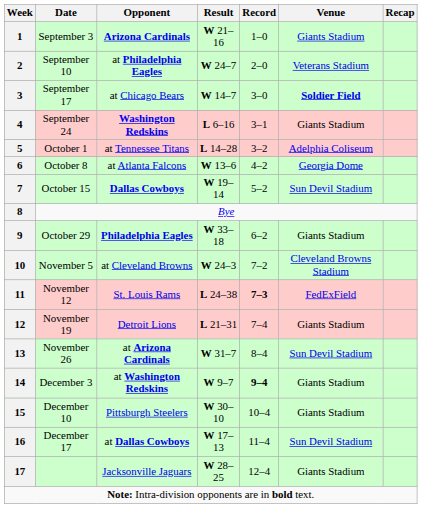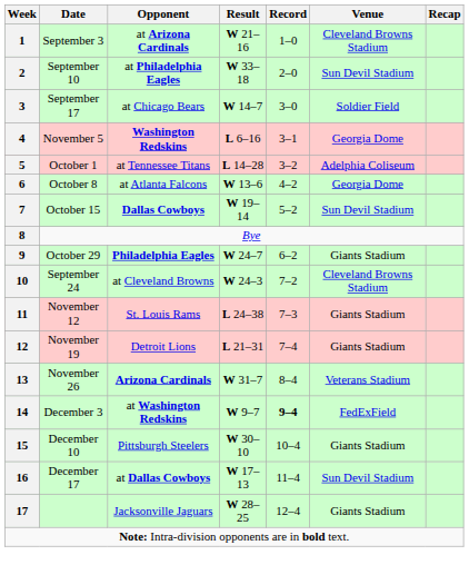 <table class="wikitable" style="text-align:center">
 <tr>
 <th>Week</th>
 <th>Date</th>
 <th>Opponent</th>
 <th>Result</th>
 <th>Record</th>
 <th>Venue</th>
 <th>Recap</th>
 </tr>
 <tr style="background:#cfc">
 <th>1</th>
 <td>September 3</td>
-<td><strong><a href='#'>Arizona Cardinals</a></strong></td>
+<td>at <strong><a href='#'>Arizona Cardinals</a></strong></td>
 <td><strong>W</strong> 21–16</td>
 <td>1–0</td>
-<td><a href='#'>Giants Stadium</a></td>
+<td><a href='#'>Cleveland Browns Stadium</a></td>
 <td></td>
 </tr>
 <tr style="background:#cfc">
 <th>2</th>
 <td>September 10</td>
 <td>at <strong><a href='#'>Philadelphia Eagles</a></strong></td>
-<td><strong>W</strong> 24–7</td>
+<td><strong>W</strong> 33–18</td>
 <td>2–0</td>
-<td><a href='#'>Veterans Stadium</a></td>
+<td><a href='#'>Sun Devil Stadium</a></td>
 <td></td>
 </tr>
 <tr style="background:#cfc">
 <th>3</th>
 <td>September 17</td>
 <td>at <a href='#'>Chicago Bears</a></td>
 <td><strong>W</strong> 14–7</td>
 <td>3–0</td>
-<td><strong><a href='#'>Soldier Field</a></strong></td>
+<td><a href='#'>Soldier Field</a></td>
 <td></td>
 </tr>
 <tr style="background:#fcc">
 <th>4</th>
-<td>September 24</td>
+<td>November 5</td>
 <td><strong><a href='#'>Washington Redskins</a></strong></td>
 <td><strong>L</strong> 6–16</td>
 <td>3–1</td>
-<td>Giants Stadium</td>
+<td><a href='#'>Georgia Dome</a></td>
 <td></td>
 </tr>
 <tr style="background:#fcc">
 <th>5</th>
 <td>October 1</td>
 <td>at <a href='#'>Tennessee Titans</a></td>
 <td><strong>L</strong> 14–28</td>
 <td>3–2</td>
 <td><a href='#'>Adelphia Coliseum</a></td>
 <td></td>
 </tr>
 <tr style="background:#cfc">
 <th>6</th>
 <td>October 8</td>
 <td>at <a href='#'>Atlanta Falcons</a></td>
 <td><strong>W</strong> 13–6</td>
 <td>4–2</td>
 <td><a href='#'>Georgia Dome</a></td>
 <td></td>
 </tr>
 <tr style="background:#cfc">
 <th>7</th>
 <td>October 15</td>
 <td><strong><a href='#'>Dallas Cowboys</a></strong></td>
 <td><strong>W</strong> 19–14</td>
 <td>5–2</td>
 <td><a href='#'>Sun Devil Stadium</a></td>
 <td></td>
 </tr>
 <tr>
 <th>8</th>
 <td colspan=6 align="center"><em><a href='#'>Bye</a></em></td>
 </tr>
 <tr style="background:#cfc">
 <th>9</th>
 <td>October 29</td>
 <td><strong><a href='#'>Philadelphia Eagles</a></strong></td>
-<td><strong>W</strong> 33–18</td>
+<td><strong>W</strong> 24–7</td>
 <td>6–2</td>
 <td>Giants Stadium</td>
 <td></td>
 </tr>
 <tr style="background:#cfc">
 <th>10</th>
-<td>November 5</td>
+<td>September 24</td>
 <td>at <a href='#'>Cleveland Browns</a></td>
 <td><strong>W</strong> 24–3</td>
 <td>7–2</td>
 <td><a href='#'>Cleveland Browns Stadium</a></td>
 <td></td>
 </tr>
 <tr style="background:#fcc">
 <th>11</th>
 <td>November 12</td>
 <td><a href='#'>St. Louis Rams</a></td>
 <td><strong>L</strong> 24–38</td>
-<td><strong>7–3</strong></td>
-<td><a href='#'>FedExField</a></td>
+<td>7–3</td>
+<td>Giants Stadium</td>
 <td></td>
 </tr>
 <tr style="background:#fcc">
 <th>12</th>
 <td>November 19</td>
 <td><a href='#'>Detroit Lions</a></td>
 <td><strong>L</strong> 21–31</td>
 <td>7–4</td>
 <td>Giants Stadium</td>
 <td></td>
 </tr>
 <tr style="background:#cfc">
 <th>13</th>
 <td>November 26</td>
-<td>at <strong><a href='#'>Arizona Cardinals</a></strong></td>
+<td><strong><a href='#'>Arizona Cardinals</a></strong></td>
 <td><strong>W</strong> 31–7</td>
 <td>8–4</td>
-<td><a href='#'>Sun Devil Stadium</a></td>
+<td><a href='#'>Veterans Stadium</a></td>
 <td></td>
 </tr>
 <tr style="background:#cfc">
 <th>14</th>
 <td>December 3</td>
 <td>at <strong><a href='#'>Washington Redskins</a></strong></td>
 <td><strong>W</strong> 9–7</td>
 <td><strong>9–4</strong></td>
-<td>Giants Stadium</td>
+<td><a href='#'>FedExField</a></td>
 <td></td>
 </tr>
 <tr style="background:#cfc">
 <th>15</th>
 <td>December 10</td>
 <td><a href='#'>Pittsburgh Steelers</a></td>
 <td><strong>W</strong> 30–10</td>
 <td>10–4</td>
 <td>Giants Stadium</td>
 <td></td>
 </tr>
 <tr style="background:#cfc">
 <th>16</th>
 <td>December 17</td>
 <td>at <strong><a href='#'>Dallas Cowboys</a></strong></td>
 <td><strong>W</strong> 17–13</td>
 <td>11–4</td>
 <td><a href='#'>Sun Devil Stadium</a></td>
 <td></td>
 </tr>
 <tr style="background:#cfc">
 <th>17</th>
 <td></td>
 <td><a href='#'>Jacksonville Jaguars</a></td>
 <td><strong>W</strong> 28–25</td>
 <td>12–4</td>
 <td>Giants Stadium</td>
 <td></td>
 </tr>
 <tr>
 <td colspan="8"><strong>Note:</strong> Intra-division opponents are in <strong>bold</strong> text.</td>
 </tr>
 </table>
